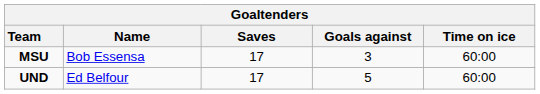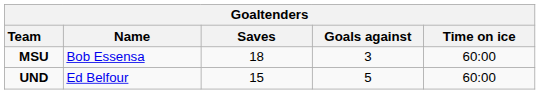 <table class="wikitable" style="width:40em; text-align:right;">
 <tr>
 <th colspan=5>Goaltenders</th>
 </tr>
 <tr>
 <th style="width:4em; text-align:left;">Team</th>
 <th style="width:10em;">Name</th>
 <th style="width:8em;">Saves</th>
 <th style="width:8em;">Goals against</th>
 <th style="width:8em;">Time on ice</th>
 </tr>
 <tr>
 <td align=center><strong>MSU</strong></td>
 <td style="text-align:left;"><a href='#'>Bob Essensa</a></td>
-<td align=center>17</td>
+<td align=center>18</td>
 <td align=center>3</td>
 <td align=center>60:00</td>
 </tr>
 <tr>
 <td align=center><strong>UND</strong></td>
 <td style="text-align:left;"><a href='#'>Ed Belfour</a></td>
-<td align=center>17</td>
+<td align=center>15</td>
 <td align=center>5</td>
 <td align=center>60:00</td>
 </tr>
 </table>
